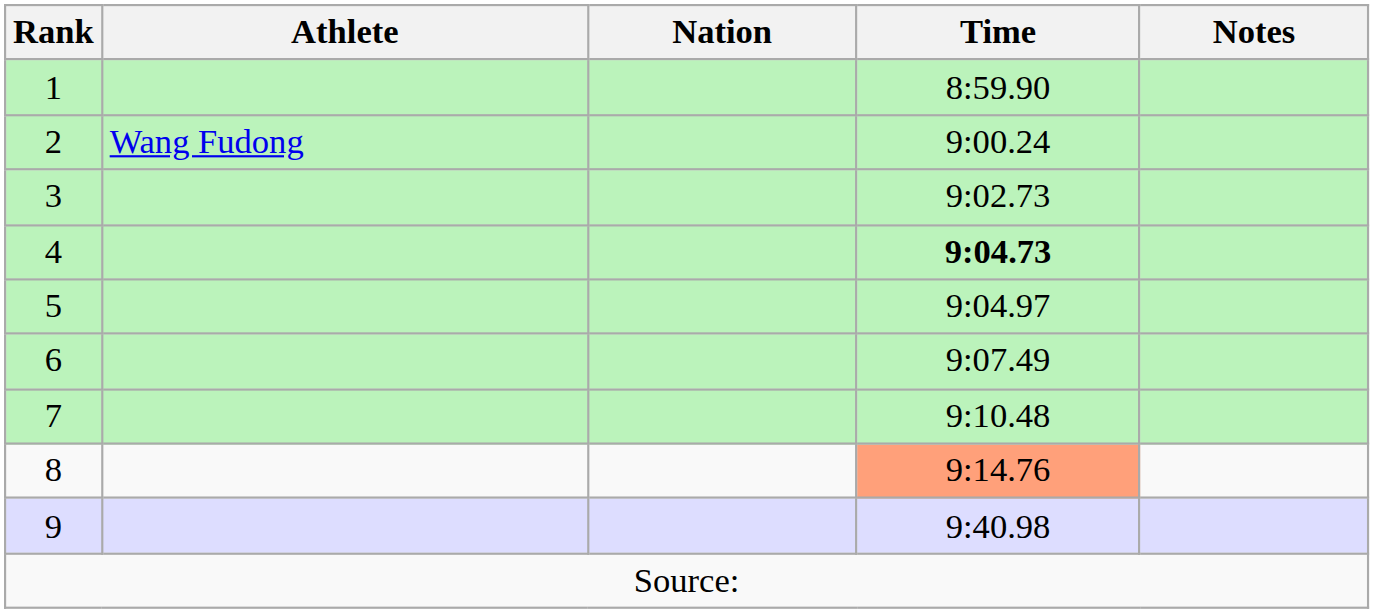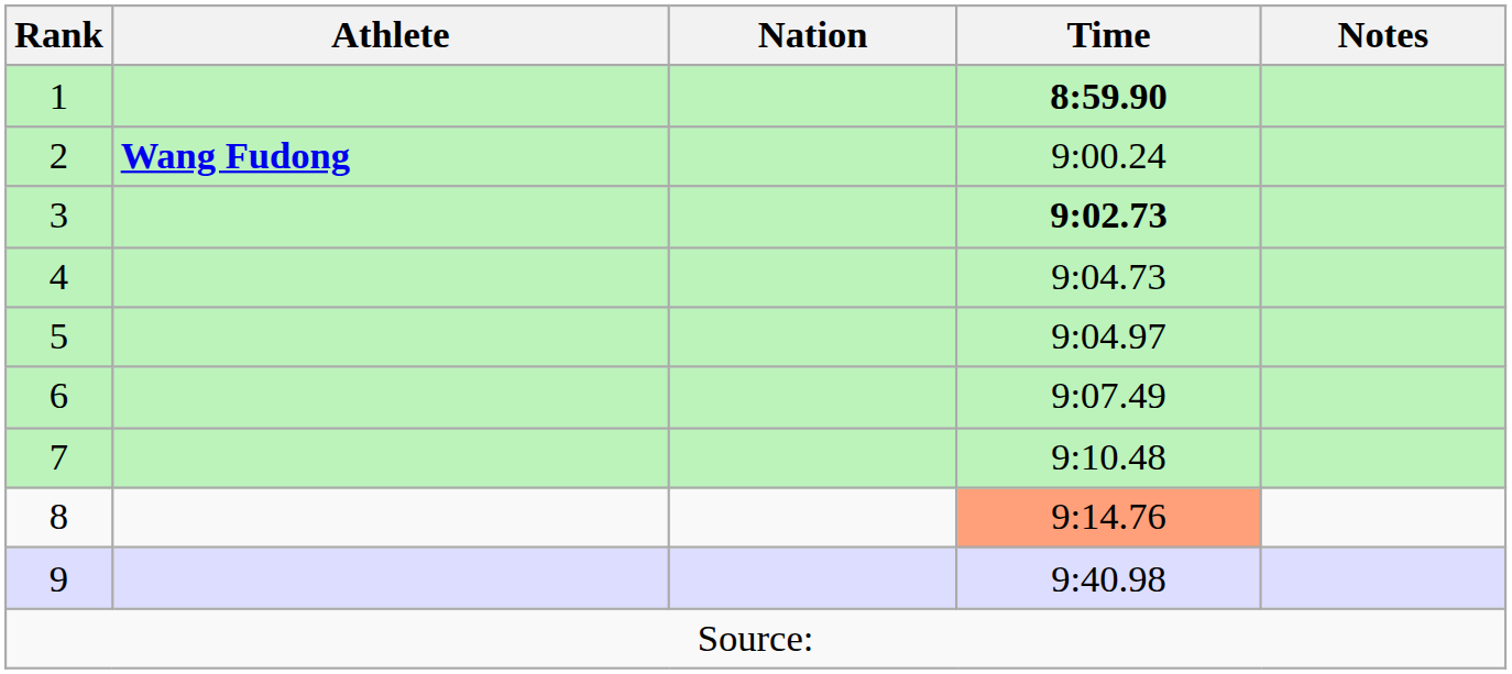 <table class="wikitable sortable" style="text-align:center;width: 50%;">
 <tr>
 <th scope="col" style="width: 10px;">Rank</th>
 <th scope="col">Athlete</th>
 <th scope="col">Nation</th>
 <th scope="col">Time</th>
 <th scope="col">Notes</th>
 </tr>
 <tr bgcolor=bbf3bb>
 <td>1</td>
 <td align=left></td>
 <td align=left></td>
-<td>8:59.90</td>
+<td><strong>8:59.90</strong></td>
 <td></td>
 </tr>
 <tr bgcolor=bbf3bb>
 <td>2</td>
-<td align=left><a href='#'>Wang Fudong</a></td>
+<td align=left><strong><a href='#'>Wang Fudong</a></strong></td>
 <td align=left></td>
 <td>9:00.24</td>
 <td></td>
 </tr>
 <tr bgcolor=bbf3bb>
 <td>3</td>
 <td align=left></td>
 <td align=left></td>
-<td>9:02.73</td>
+<td><strong>9:02.73</strong></td>
 <td></td>
 </tr>
 <tr bgcolor=bbf3bb>
 <td>4</td>
 <td align=left></td>
 <td align=left></td>
-<td><strong>9:04.73</strong></td>
+<td>9:04.73</td>
 <td></td>
 </tr>
 <tr bgcolor=bbf3bb>
 <td>5</td>
 <td align=left></td>
 <td align=left></td>
 <td>9:04.97</td>
 <td></td>
 </tr>
 <tr bgcolor=bbf3bb>
 <td>6</td>
 <td align=left></td>
 <td align=left></td>
 <td>9:07.49</td>
 <td></td>
 </tr>
 <tr bgcolor=bbf3bb>
 <td>7</td>
 <td align=left></td>
 <td align=left></td>
 <td>9:10.48</td>
 <td></td>
 </tr>
 <tr>
 <td>8</td>
 <td align=left></td>
 <td align=left></td>
 <td style="background: lightsalmon;">9:14.76</td>
 <td></td>
 </tr>
 <tr bgcolor=ddddff>
 <td>9</td>
 <td align=left></td>
 <td align=left></td>
 <td>9:40.98</td>
 <td></td>
 </tr>
 <tr class="sortbottom">
 <td colspan="5">Source:</td>
 </tr>
 </table>
